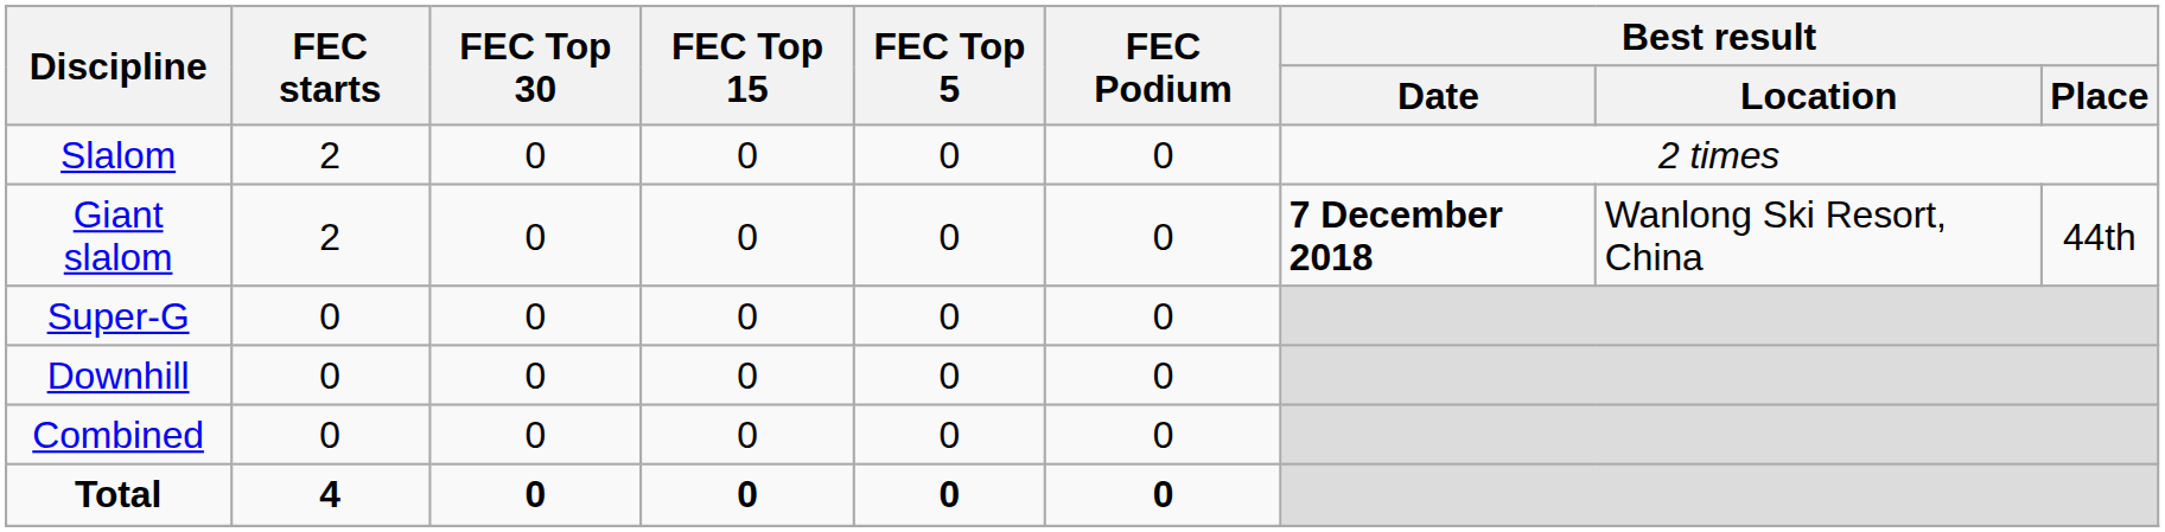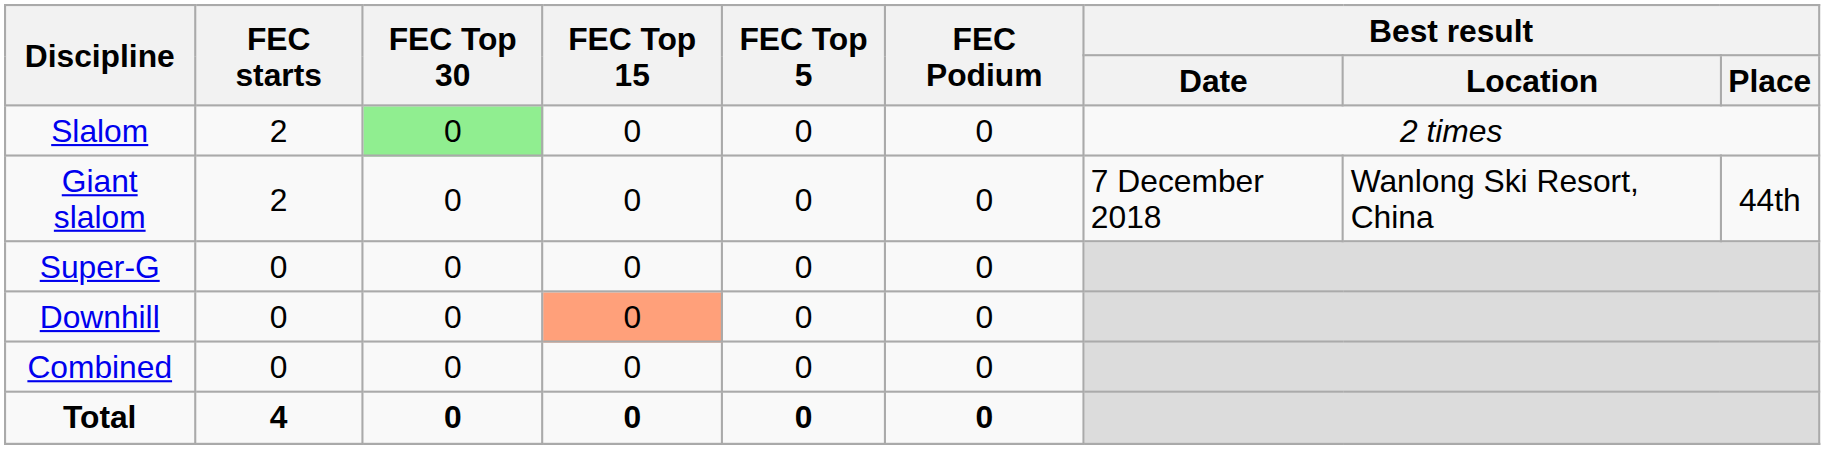 <table class="wikitable" style="text-align:center; font-size:95%;">
 <tr>
 <th rowspan=2>Discipline</th>
 <th rowspan=2>FEC starts</th>
 <th rowspan=2>FEC Top 30</th>
 <th rowspan=2>FEC Top 15</th>
 <th rowspan=2>FEC Top 5</th>
 <th rowspan=2>FEC Podium</th>
 <th colspan=3>Best result</th>
 </tr>
 <tr>
 <th>Date</th>
 <th>Location</th>
 <th>Place</th>
 </tr>
 <tr>
 <td align=center><a href='#'>Slalom</a></td>
 <td align=center>2</td>
-<td align=center>0</td>
+<td align=center style="background: lightgreen;">0</td>
 <td align=center>0</td>
 <td align=center>0</td>
 <td align=center>0</td>
 <td colspan=3> <em>2 times</em></td>
 </tr>
 <tr>
 <td align=center><a href='#'>Giant slalom</a></td>
 <td align=center>2</td>
 <td align=center>0</td>
 <td align=center>0</td>
 <td align=center>0</td>
 <td align=center>0</td>
-<td align=left><strong>7 December 2018</strong></td>
+<td align=left>7 December 2018</td>
 <td align=left> Wanlong Ski Resort, China</td>
 <td>44th</td>
 </tr>
 <tr>
 <td align=center><a href='#'>Super-G</a></td>
 <td align=center>0</td>
 <td align=center>0</td>
 <td align=center>0</td>
 <td align=center>0</td>
 <td align=center>0</td>
 <td colspan=3 bgcolor=#DCDCDC></td>
 </tr>
 <tr>
 <td align=center><a href='#'>Downhill</a></td>
 <td align=center>0</td>
 <td align=center>0</td>
-<td align=center>0</td>
+<td align=center style="background: lightsalmon;">0</td>
 <td align=center>0</td>
 <td align=center>0</td>
 <td colspan=3 bgcolor=#DCDCDC></td>
 </tr>
 <tr>
 <td align=center><a href='#'>Combined</a></td>
 <td align=center>0</td>
 <td align=center>0</td>
 <td align=center>0</td>
 <td align=center>0</td>
 <td align=center>0</td>
 <td colspan=3 bgcolor=#DCDCDC></td>
 </tr>
 <tr>
 <td align=center><strong>Total</strong></td>
 <td align=center><strong>4</strong></td>
 <td align=center><strong>0</strong></td>
 <td align=center><strong>0</strong></td>
 <td align=center><strong>0</strong></td>
 <td align=center><strong>0</strong></td>
 <td colspan=3 bgcolor=#DCDCDC></td>
 </tr>
 <tr>
 </tr>
 </table>
